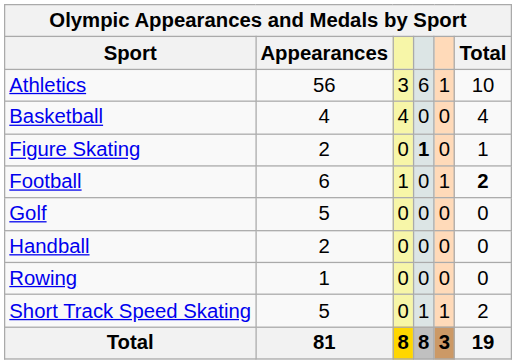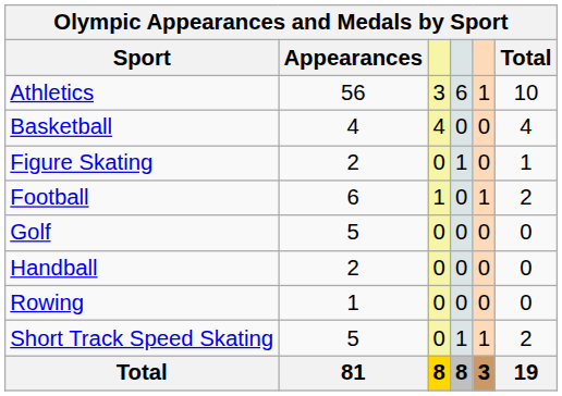 <table class="wikitable" style=text-align:center>
 <tr>
 <th colspan=6>Olympic Appearances and Medals by Sport</th>
 </tr>
 <tr>
 <th>Sport</th>
 <th>Appearances</th>
 <td bgcolor=F7F6A8></td>
 <td bgcolor=DCE5E5></td>
 <td bgcolor=FFDAB9></td>
 <th>Total</th>
 </tr>
 <tr>
 <td align=left> <a href='#'>Athletics</a></td>
 <td>56</td>
 <td bgcolor=F7F6A8>3</td>
 <td bgcolor=DCE5E5>6</td>
 <td bgcolor=FFDAB9>1</td>
 <td>10</td>
 </tr>
 <tr>
 <td align=left> <a href='#'>Basketball</a></td>
 <td>4</td>
 <td bgcolor=F7F6A8>4</td>
 <td bgcolor=DCE5E5>0</td>
 <td bgcolor=FFDAB9>0</td>
 <td>4</td>
 </tr>
 <tr>
 <td align=left> <a href='#'>Figure Skating</a></td>
 <td>2</td>
 <td bgcolor=F7F6A8>0</td>
-<td bgcolor=DCE5E5><strong>1</strong></td>
+<td bgcolor=DCE5E5>1</td>
 <td bgcolor=FFDAB9>0</td>
 <td>1</td>
 </tr>
 <tr>
 <td align=left> <a href='#'>Football</a></td>
 <td>6</td>
 <td bgcolor=F7F6A8>1</td>
 <td bgcolor=DCE5E5>0</td>
 <td bgcolor=FFDAB9>1</td>
-<td><strong>2</strong></td>
+<td>2</td>
 </tr>
 <tr>
 <td align=left> <a href='#'>Golf</a></td>
 <td>5</td>
 <td bgcolor=F7F6A8>0</td>
 <td bgcolor=DCE5E5>0</td>
 <td bgcolor=FFDAB9>0</td>
 <td>0</td>
 </tr>
 <tr>
 <td align=left> <a href='#'>Handball</a></td>
 <td>2</td>
 <td bgcolor=F7F6A8>0</td>
 <td bgcolor=DCE5E5>0</td>
 <td bgcolor=FFDAB9>0</td>
 <td>0</td>
 </tr>
 <tr>
 <td align=left> <a href='#'>Rowing</a></td>
 <td>1</td>
 <td bgcolor=F7F6A8>0</td>
 <td bgcolor=DCE5E5>0</td>
 <td bgcolor=FFDAB9>0</td>
 <td>0</td>
 </tr>
 <tr>
 <td align=left> <a href='#'>Short Track Speed Skating</a></td>
 <td>5</td>
 <td bgcolor=F7F6A8>0</td>
 <td bgcolor=DCE5E5>1</td>
 <td bgcolor=FFDAB9>1</td>
 <td>2</td>
 </tr>
 <tr>
 <th>Total</th>
 <th>81</th>
 <th style=background:gold>8</th>
 <th style=background:silver>8</th>
 <th style=background:#c96>3</th>
 <th>19</th>
 </tr>
 </table>
